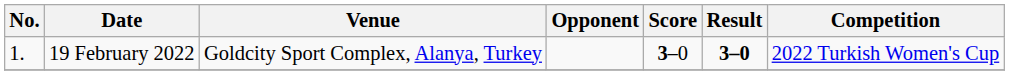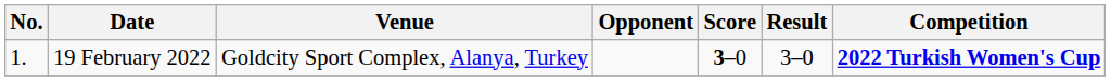 <table class="wikitable">
 <tr>
 <th>No.</th>
 <th>Date</th>
 <th>Venue</th>
 <th>Opponent</th>
 <th>Score</th>
 <th>Result</th>
 <th>Competition</th>
 </tr>
 <tr>
 <td>1.</td>
 <td>19 February 2022</td>
 <td>Goldcity Sport Complex, <a href='#'>Alanya</a>, <a href='#'>Turkey</a></td>
 <td></td>
 <td align=center><strong>3</strong>–0</td>
-<td align=center><strong>3–0</strong></td>
-<td><a href='#'>2022 Turkish Women's Cup</a></td>
+<td align=center>3–0</td>
+<td><strong><a href='#'>2022 Turkish Women's Cup</a></strong></td>
 </tr>
 <tr>
 </tr>
 </table>
